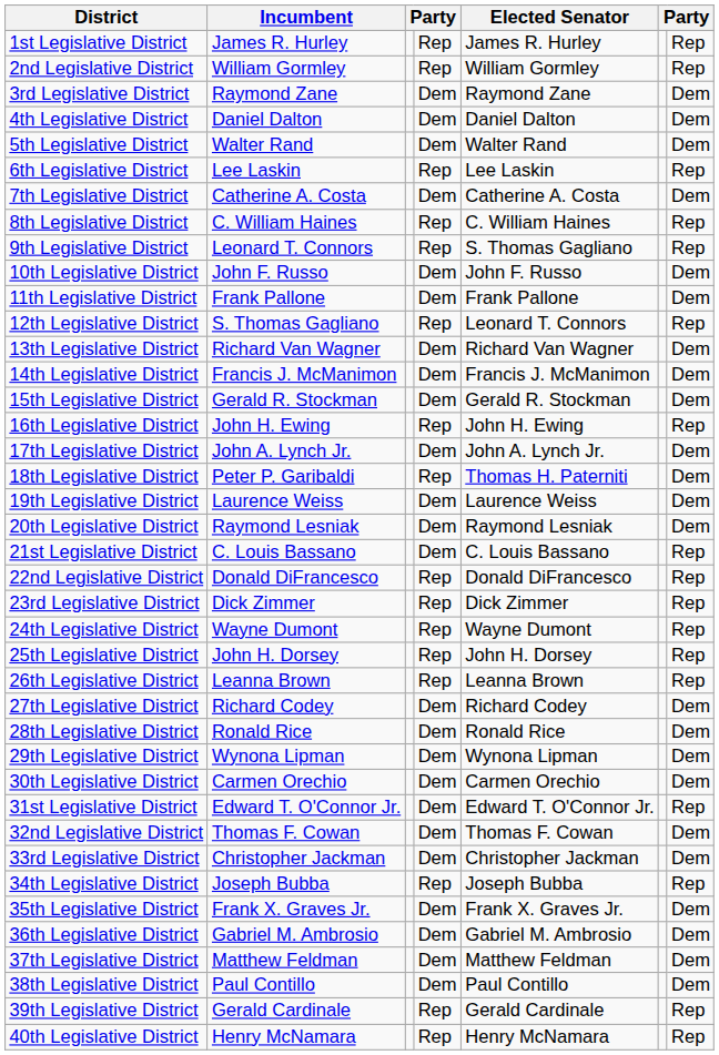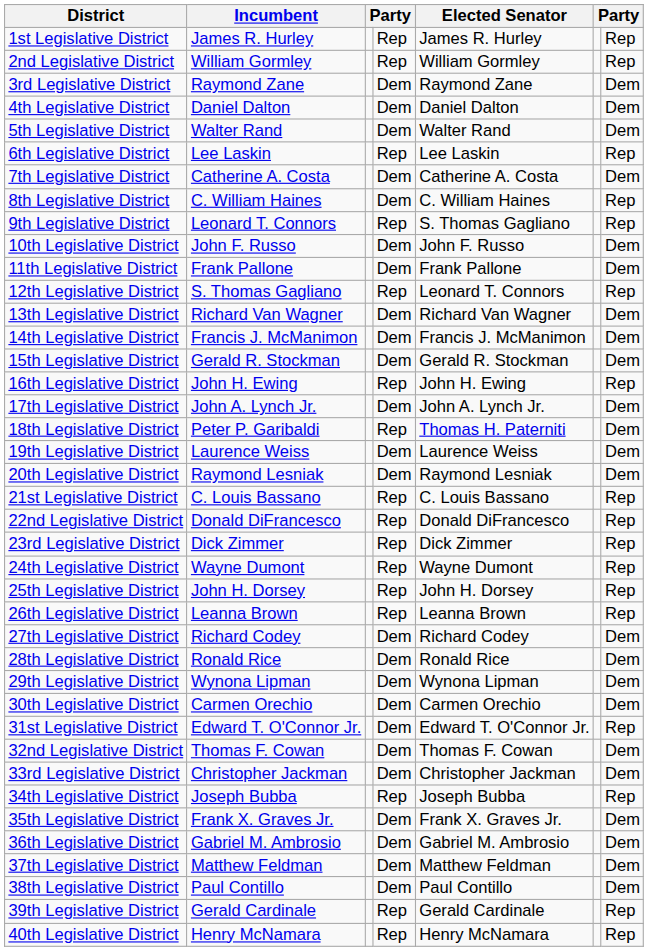 <table class="sortable wikitable" style="font-size:95%;line-height:14px;">
 <tr>
 <th>District</th>
 <th class="unsortable"><a href='#'>Incumbent</a></th>
 <th colspan="2">Party</th>
 <th class="unsortable">Elected Senator</th>
 <th colspan="2">Party</th>
 </tr>
 <tr>
 <td><a href='#'>1st Legislative District</a></td>
 <td><a href='#'>James R. Hurley</a></td>
 <td style="background:"></td>
 <td>Rep</td>
 <td>James R. Hurley</td>
 <td style="background:"></td>
 <td>Rep</td>
 </tr>
 <tr>
 <td><a href='#'>2nd Legislative District</a></td>
 <td><a href='#'>William Gormley</a></td>
 <td style="background:"></td>
 <td>Rep</td>
 <td>William Gormley</td>
 <td style="background:"></td>
 <td>Rep</td>
 </tr>
 <tr>
 <td><a href='#'>3rd Legislative District</a></td>
 <td><a href='#'>Raymond Zane</a></td>
 <td style="background:"></td>
 <td>Dem</td>
 <td>Raymond Zane</td>
 <td style="background:"></td>
 <td>Dem</td>
 </tr>
 <tr>
 <td><a href='#'>4th Legislative District</a></td>
 <td><a href='#'>Daniel Dalton</a></td>
 <td style="background:"></td>
 <td>Dem</td>
 <td>Daniel Dalton</td>
 <td style="background:"></td>
 <td>Dem</td>
 </tr>
 <tr>
 <td><a href='#'>5th Legislative District</a></td>
 <td><a href='#'>Walter Rand</a></td>
 <td style="background:"></td>
 <td>Dem</td>
 <td>Walter Rand</td>
 <td style="background:"></td>
 <td>Dem</td>
 </tr>
 <tr>
 <td><a href='#'>6th Legislative District</a></td>
 <td><a href='#'>Lee Laskin</a></td>
 <td style="background:"></td>
 <td>Rep</td>
 <td>Lee Laskin</td>
 <td style="background:"></td>
 <td>Rep</td>
 </tr>
 <tr>
 <td><a href='#'>7th Legislative District</a></td>
 <td><a href='#'>Catherine A. Costa</a></td>
 <td style="background:"></td>
 <td>Dem</td>
 <td>Catherine A. Costa</td>
 <td style="background:"></td>
 <td>Dem</td>
 </tr>
 <tr>
 <td><a href='#'>8th Legislative District</a></td>
 <td><a href='#'>C. William Haines</a></td>
 <td style="background:"></td>
-<td>Rep</td>
+<td>Dem</td>
 <td>C. William Haines</td>
 <td style="background:"></td>
 <td>Rep</td>
 </tr>
 <tr>
 <td><a href='#'>9th Legislative District</a></td>
 <td><a href='#'>Leonard T. Connors</a></td>
 <td style="background:"></td>
 <td>Rep</td>
 <td>S. Thomas Gagliano</td>
 <td style="background:"></td>
 <td>Rep</td>
 </tr>
 <tr>
 <td><a href='#'>10th Legislative District</a></td>
 <td><a href='#'>John F. Russo</a></td>
 <td style="background:"></td>
 <td>Dem</td>
 <td>John F. Russo</td>
 <td style="background:"></td>
 <td>Dem</td>
 </tr>
 <tr>
 <td><a href='#'>11th Legislative District</a></td>
 <td><a href='#'>Frank Pallone</a></td>
 <td style="background:"></td>
 <td>Dem</td>
 <td>Frank Pallone</td>
 <td style="background:"></td>
 <td>Dem</td>
 </tr>
 <tr>
 <td><a href='#'>12th Legislative District</a></td>
 <td><a href='#'>S. Thomas Gagliano</a></td>
 <td style="background:"></td>
 <td>Rep</td>
 <td>Leonard T. Connors</td>
 <td style="background:"></td>
 <td>Rep</td>
 </tr>
 <tr>
 <td><a href='#'>13th Legislative District</a></td>
 <td><a href='#'>Richard Van Wagner</a></td>
 <td style="background:"></td>
 <td>Dem</td>
 <td>Richard Van Wagner</td>
 <td style="background:"></td>
 <td>Dem</td>
 </tr>
 <tr>
 <td><a href='#'>14th Legislative District</a></td>
 <td><a href='#'>Francis J. McManimon</a></td>
 <td style="background:"></td>
 <td>Dem</td>
 <td>Francis J. McManimon</td>
 <td style="background:"></td>
 <td>Dem</td>
 </tr>
 <tr>
 <td><a href='#'>15th Legislative District</a></td>
 <td><a href='#'>Gerald R. Stockman</a></td>
 <td style="background:"></td>
 <td>Dem</td>
 <td>Gerald R. Stockman</td>
 <td style="background:"></td>
 <td>Dem</td>
 </tr>
 <tr>
 <td><a href='#'>16th Legislative District</a></td>
 <td><a href='#'>John H. Ewing</a></td>
 <td style="background:"></td>
 <td>Rep</td>
 <td>John H. Ewing</td>
 <td style="background:"></td>
 <td>Rep</td>
 </tr>
 <tr>
 <td><a href='#'>17th Legislative District</a></td>
 <td><a href='#'>John A. Lynch Jr.</a></td>
 <td style="background:"></td>
 <td>Dem</td>
 <td>John A. Lynch Jr.</td>
 <td style="background:"></td>
 <td>Dem</td>
 </tr>
 <tr>
 <td><a href='#'>18th Legislative District</a></td>
 <td><a href='#'>Peter P. Garibaldi</a></td>
 <td style="background:"></td>
 <td>Rep</td>
 <td><a href='#'>Thomas H. Paterniti</a></td>
 <td style="background:"></td>
 <td>Dem</td>
 </tr>
 <tr>
 <td><a href='#'>19th Legislative District</a></td>
 <td><a href='#'>Laurence Weiss</a></td>
 <td style="background:"></td>
 <td>Dem</td>
 <td>Laurence Weiss</td>
 <td style="background:"></td>
 <td>Dem</td>
 </tr>
 <tr>
 <td><a href='#'>20th Legislative District</a></td>
 <td><a href='#'>Raymond Lesniak</a></td>
 <td style="background:"></td>
 <td>Dem</td>
 <td>Raymond Lesniak</td>
 <td style="background:"></td>
 <td>Dem</td>
 </tr>
 <tr>
 <td><a href='#'>21st Legislative District</a></td>
 <td><a href='#'>C. Louis Bassano</a></td>
 <td style="background:"></td>
-<td>Dem</td>
+<td>Rep</td>
 <td>C. Louis Bassano</td>
 <td style="background:"></td>
 <td>Rep</td>
 </tr>
 <tr>
 <td><a href='#'>22nd Legislative District</a></td>
 <td><a href='#'>Donald DiFrancesco</a></td>
 <td style="background:"></td>
 <td>Rep</td>
 <td>Donald DiFrancesco</td>
 <td style="background:"></td>
 <td>Rep</td>
 </tr>
 <tr>
 <td><a href='#'>23rd Legislative District</a></td>
 <td><a href='#'>Dick Zimmer</a></td>
 <td style="background:"></td>
 <td>Rep</td>
 <td>Dick Zimmer</td>
 <td style="background:"></td>
 <td>Rep</td>
 </tr>
 <tr>
 <td><a href='#'>24th Legislative District</a></td>
 <td><a href='#'>Wayne Dumont</a></td>
 <td style="background:"></td>
 <td>Rep</td>
 <td>Wayne Dumont</td>
 <td style="background:"></td>
 <td>Rep</td>
 </tr>
 <tr>
 <td><a href='#'>25th Legislative District</a></td>
 <td><a href='#'>John H. Dorsey</a></td>
 <td style="background:"></td>
 <td>Rep</td>
 <td>John H. Dorsey</td>
 <td style="background:"></td>
 <td>Rep</td>
 </tr>
 <tr>
 <td><a href='#'>26th Legislative District</a></td>
 <td><a href='#'>Leanna Brown</a></td>
 <td style="background:"></td>
 <td>Rep</td>
 <td>Leanna Brown</td>
 <td style="background:"></td>
 <td>Rep</td>
 </tr>
 <tr>
 <td><a href='#'>27th Legislative District</a></td>
 <td><a href='#'>Richard Codey</a></td>
 <td style="background:"></td>
 <td>Dem</td>
 <td>Richard Codey</td>
 <td style="background:"></td>
 <td>Dem</td>
 </tr>
 <tr>
 <td><a href='#'>28th Legislative District</a></td>
 <td><a href='#'>Ronald Rice</a></td>
 <td style="background:"></td>
 <td>Dem</td>
 <td>Ronald Rice</td>
 <td style="background:"></td>
 <td>Dem</td>
 </tr>
 <tr>
 <td><a href='#'>29th Legislative District</a></td>
 <td><a href='#'>Wynona Lipman</a></td>
 <td style="background:"></td>
 <td>Dem</td>
 <td>Wynona Lipman</td>
 <td style="background:"></td>
 <td>Dem</td>
 </tr>
 <tr>
 <td><a href='#'>30th Legislative District</a></td>
 <td><a href='#'>Carmen Orechio</a></td>
 <td style="background:"></td>
 <td>Dem</td>
 <td>Carmen Orechio</td>
 <td style="background:"></td>
 <td>Dem</td>
 </tr>
 <tr>
 <td><a href='#'>31st Legislative District</a></td>
 <td><a href='#'>Edward T. O'Connor Jr.</a></td>
 <td style="background:"></td>
 <td>Dem</td>
 <td>Edward T. O'Connor Jr.</td>
 <td style="background:"></td>
 <td>Rep</td>
 </tr>
 <tr>
 <td><a href='#'>32nd Legislative District</a></td>
 <td><a href='#'>Thomas F. Cowan</a></td>
 <td style="background:"></td>
 <td>Dem</td>
 <td>Thomas F. Cowan</td>
 <td style="background:"></td>
 <td>Dem</td>
 </tr>
 <tr>
 <td><a href='#'>33rd Legislative District</a></td>
 <td><a href='#'>Christopher Jackman</a></td>
 <td style="background:"></td>
 <td>Dem</td>
 <td>Christopher Jackman</td>
 <td style="background:"></td>
 <td>Dem</td>
 </tr>
 <tr>
 <td><a href='#'>34th Legislative District</a></td>
 <td><a href='#'>Joseph Bubba</a></td>
 <td style="background:"></td>
 <td>Rep</td>
 <td>Joseph Bubba</td>
 <td style="background:"></td>
 <td>Rep</td>
 </tr>
 <tr>
 <td><a href='#'>35th Legislative District</a></td>
 <td><a href='#'>Frank X. Graves Jr.</a></td>
 <td style="background:"></td>
 <td>Dem</td>
 <td>Frank X. Graves Jr.</td>
 <td style="background:"></td>
 <td>Dem</td>
 </tr>
 <tr>
 <td><a href='#'>36th Legislative District</a></td>
 <td><a href='#'>Gabriel M. Ambrosio</a></td>
 <td style="background:"></td>
 <td>Dem</td>
 <td>Gabriel M. Ambrosio</td>
 <td style="background:"></td>
 <td>Dem</td>
 </tr>
 <tr>
 <td><a href='#'>37th Legislative District</a></td>
 <td><a href='#'>Matthew Feldman</a></td>
 <td style="background:"></td>
 <td>Dem</td>
 <td>Matthew Feldman</td>
 <td style="background:"></td>
 <td>Dem</td>
 </tr>
 <tr>
 <td><a href='#'>38th Legislative District</a></td>
 <td><a href='#'>Paul Contillo</a></td>
 <td style="background:"></td>
 <td>Dem</td>
 <td>Paul Contillo</td>
 <td style="background:"></td>
 <td>Dem</td>
 </tr>
 <tr>
 <td><a href='#'>39th Legislative District</a></td>
 <td><a href='#'>Gerald Cardinale</a></td>
 <td style="background:"></td>
 <td>Rep</td>
 <td>Gerald Cardinale</td>
 <td style="background:"></td>
 <td>Rep</td>
 </tr>
 <tr>
 <td><a href='#'>40th Legislative District</a></td>
 <td><a href='#'>Henry McNamara</a></td>
 <td style="background:"></td>
 <td>Rep</td>
 <td>Henry McNamara</td>
 <td style="background:"></td>
 <td>Rep</td>
 </tr>
 </table>
